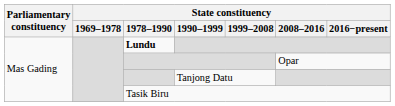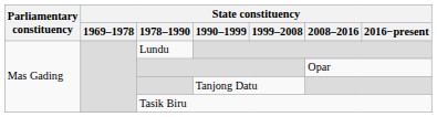 <table class="wikitable">
 <tr>
 <th rowspan="2">Parliamentary<br>constituency</th>
 <th colspan="6">State constituency</th>
 </tr>
 <tr>
 <th>1969–1978</th>
 <th>1978–1990</th>
 <th>1990–1999</th>
 <th>1999–2008</th>
 <th>2008–2016</th>
 <th>2016−present</th>
 </tr>
 <tr>
 <td rowspan="4">Mas Gading</td>
 <td rowspan="4" bgcolor="dcdcdc"></td>
-<td><strong>Lundu</strong></td>
+<td>Lundu</td>
 <td colspan="4" bgcolor="dcdcdc"></td>
 </tr>
 <tr>
 <td colspan="3" bgcolor="dcdcdc"></td>
 <td colspan="2">Opar</td>
 </tr>
 <tr>
 <td bgcolor="dcdcdc"></td>
 <td colspan="2">Tanjong Datu</td>
 <td colspan="2" bgcolor="dcdcdc"></td>
 </tr>
 <tr>
 <td colspan="5">Tasik Biru</td>
 </tr>
 </table>
